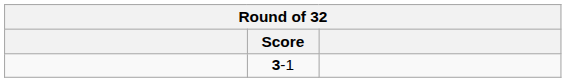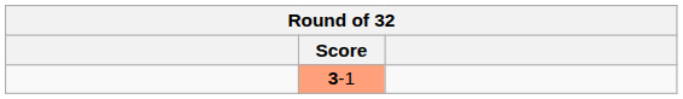 <table class="wikitable" style="text-align: center; font-size:90% ">
 <tr>
 <th colspan=3>Round of 32</th>
 </tr>
 <tr>
 <th align="right" width=220></th>
 <th width="60">Score</th>
 <th align="left" width=220></th>
 </tr>
 <tr>
 <td align=left><strong></strong></td>
-<td align=center><strong>3</strong>-1</td>
+<td align=center style="background: lightsalmon;"><strong>3</strong>-1</td>
 <td align=left></td>
 </tr>
 </table>
